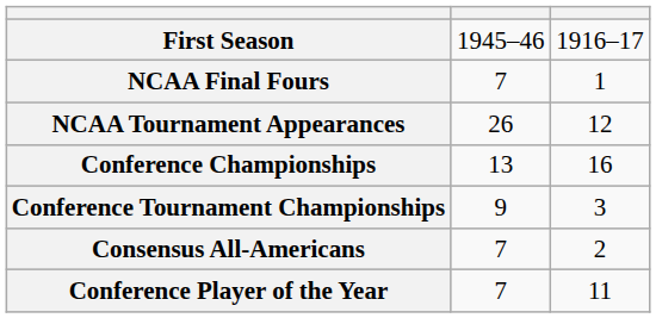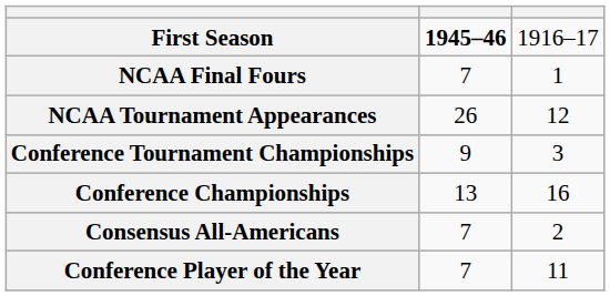 <table class="wikitable" style="float:right; clear:right; margin-left:1em; font-size:88%;">
 <tr>
 <th></th>
 <th><a href='#'></a></th>
 <th><a href='#'></a></th>
 </tr>
 <tr>
 <th scope=row>First Season</th>
-<td align=center>1945–46</td>
+<td align=center><strong>1945–46</strong></td>
 <td align=center>1916–17</td>
 </tr>
 <tr>
 <th scope=row>NCAA Final Fours</th>
 <td align=center>7</td>
 <td align="center">1</td>
 </tr>
 <tr>
 <th scope=row>NCAA Tournament Appearances</th>
 <td align=center>26</td>
 <td align="center">12</td>
 </tr>
 <tr>
+<th scope=row>Conference Tournament Championships</th>
+<td align=center>9</td>
+<td align="center">3</td>
+</tr>
+<tr>
 <th scope=row>Conference Championships</th>
 <td align=center>13</td>
 <td align=center>16</td>
-</tr>
-<tr>
-<th scope=row>Conference Tournament Championships</th>
-<td align=center>9</td>
-<td align="center">3</td>
 </tr>
 <tr>
 <th scope=row>Consensus All-Americans</th>
 <td align=center>7</td>
 <td align=center>2</td>
 </tr>
 <tr>
 <th scope=row>Conference Player of the Year</th>
 <td align=center>7</td>
 <td align="center">11</td>
 </tr>
 </table>
